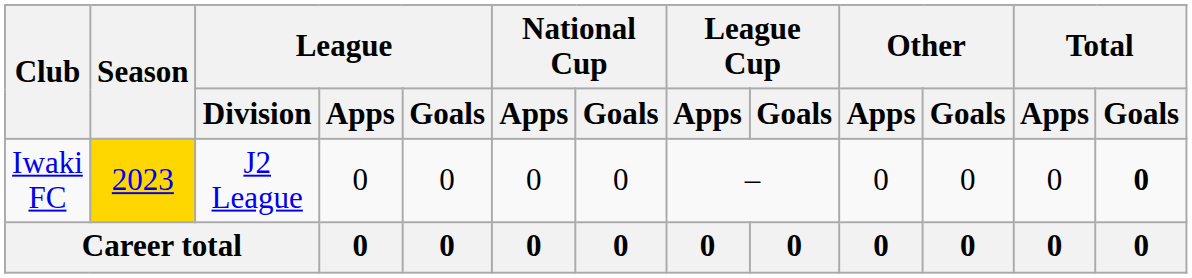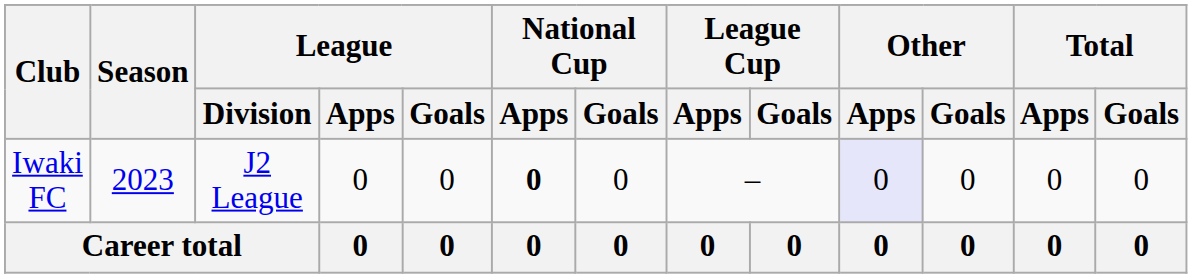 <table class="wikitable" style="text-align: center">
 <tr>
 <th rowspan="2">Club</th>
 <th rowspan="2">Season</th>
 <th colspan="3">League</th>
 <th colspan="2">National Cup</th>
 <th colspan="2">League Cup</th>
 <th colspan="2">Other</th>
 <th colspan="2">Total</th>
 </tr>
 <tr>
 <th>Division</th>
 <th>Apps</th>
 <th>Goals</th>
 <th>Apps</th>
 <th>Goals</th>
 <th>Apps</th>
 <th>Goals</th>
 <th>Apps</th>
 <th>Goals</th>
 <th>Apps</th>
 <th>Goals</th>
 </tr>
 <tr>
 <td><a href='#'>Iwaki FC</a></td>
-<td style="background: gold;"><a href='#'>2023</a></td>
+<td><a href='#'>2023</a></td>
 <td><a href='#'>J2 League</a></td>
 <td>0</td>
 <td>0</td>
-<td>0</td>
+<td><strong>0</strong></td>
 <td>0</td>
 <td colspan="2">–</td>
+<td style="background: lavender;">0</td>
 <td>0</td>
 <td>0</td>
 <td>0</td>
-<td><strong>0</strong></td>
 </tr>
 <tr>
 <th colspan=3>Career total</th>
 <th>0</th>
 <th>0</th>
 <th>0</th>
 <th>0</th>
 <th>0</th>
 <th>0</th>
 <th>0</th>
 <th>0</th>
 <th>0</th>
 <th>0</th>
 </tr>
 </table>
